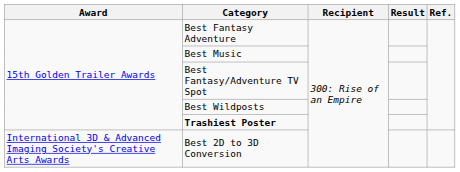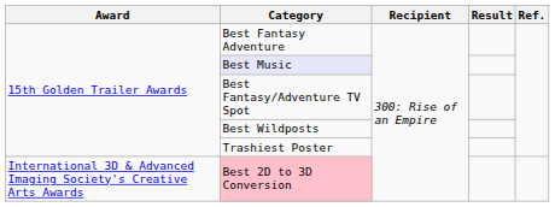 <table class="wikitable sortable" style="width: 99%;">
 <tr>
 <th>Award</th>
 <th>Category</th>
 <th>Recipient</th>
 <th>Result</th>
 <th scope="col" class="unsortable">Ref.</th>
 </tr>
 <tr>
 <td rowspan="5"><a href='#'>15th Golden Trailer Awards</a></td>
 <td>Best Fantasy Adventure</td>
 <td rowspan="6"><em>300: Rise of an Empire</em></td>
 <td></td>
 <td rowspan="5" style="text-align:center;"></td>
 </tr>
 <tr>
-<td>Best Music</td>
+<td style="background: lavender;">Best Music</td>
 <td></td>
 </tr>
 <tr>
 <td>Best Fantasy/Adventure TV Spot</td>
 <td></td>
 </tr>
 <tr>
 <td>Best Wildposts</td>
 <td></td>
 </tr>
 <tr>
-<td><strong>Trashiest Poster</strong></td>
+<td>Trashiest Poster</td>
 <td></td>
 </tr>
 <tr>
 <td><a href='#'>International 3D & Advanced Imaging Society's Creative Arts Awards</a></td>
-<td>Best 2D to 3D Conversion</td>
+<td style="background: pink;">Best 2D to 3D Conversion</td>
 <td></td>
 <td style="text-align: center;"></td>
 </tr>
 </table>
